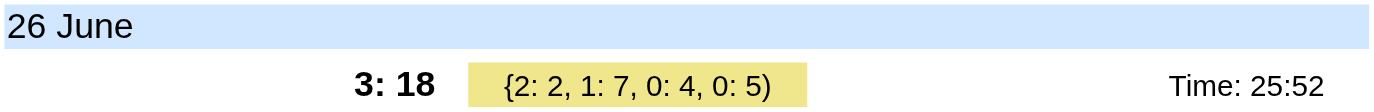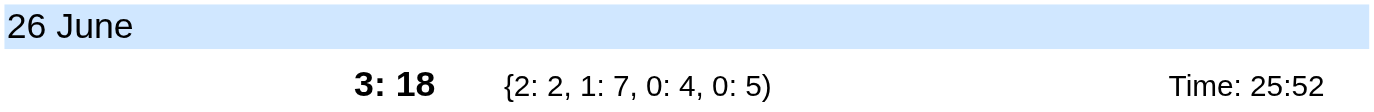 <table style="text-align:center">
 <tr style="text-align:left; background:#d0e7ff;">
 <td colspan=6>26 June</td>
 </tr>
 <tr style="font-size:90%; vertical-align:top;">
 <th width=140></th>
 <th width=60></th>
 <th width=150></th>
 <th width=140></th>
 <th width=100></th>
 </tr>
 <tr>
 <td align=right></td>
 <td><strong>3: 18</strong></td>
-<td style="background: khaki;"><small>{2: 2, 1: 7, 0: 4, 0: 5)</small></td>
+<td><small>{2: 2, 1: 7, 0: 4, 0: 5)</small></td>
 <td align=left><strong></strong></td>
 <td><small>Time: 25:52</small></td>
 <td></td>
 </tr>
 </table>
